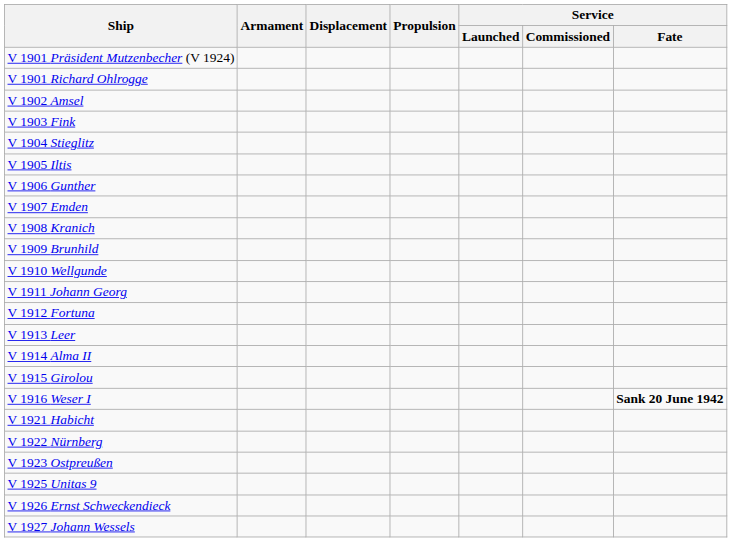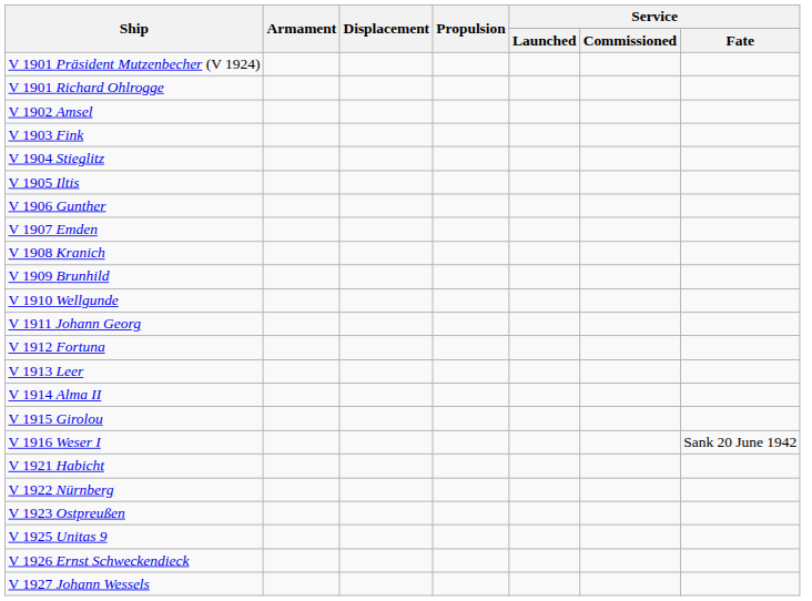 <table class="wikitable">
 <tr>
 <th rowspan="2">Ship</th>
 <th rowspan="2">Armament</th>
 <th rowspan="2">Displacement</th>
 <th rowspan="2">Propulsion</th>
 <th colspan="3">Service</th>
 </tr>
 <tr>
 <th>Launched</th>
 <th>Commissioned</th>
 <th>Fate</th>
 </tr>
 <tr>
 <td><a href='#'>V 1901 <em>Präsident Mutzenbecher</em></a> (V 1924)</td>
 <td></td>
 <td></td>
 <td></td>
 <td></td>
 <td></td>
 <td></td>
 </tr>
 <tr>
 <td><a href='#'>V 1901 <em>Richard Ohlrogge</em></a></td>
 <td></td>
 <td></td>
 <td></td>
 <td></td>
 <td></td>
 <td></td>
 </tr>
 <tr>
 <td><a href='#'>V 1902 <em>Amsel</em></a></td>
 <td></td>
 <td></td>
 <td></td>
 <td></td>
 <td></td>
 <td></td>
 </tr>
 <tr>
 <td><a href='#'>V 1903 <em>Fink</em></a></td>
 <td></td>
 <td></td>
 <td></td>
 <td></td>
 <td></td>
 <td></td>
 </tr>
 <tr>
 <td><a href='#'>V 1904 <em>Stieglitz</em></a></td>
 <td></td>
 <td></td>
 <td></td>
 <td></td>
 <td></td>
 <td></td>
 </tr>
 <tr>
 <td><a href='#'>V 1905 <em>Iltis</em></a></td>
 <td></td>
 <td></td>
 <td></td>
 <td></td>
 <td></td>
 <td></td>
 </tr>
 <tr>
 <td><a href='#'>V 1906 <em>Gunther</em></a></td>
 <td></td>
 <td></td>
 <td></td>
 <td></td>
 <td></td>
 <td></td>
 </tr>
 <tr>
 <td><a href='#'>V 1907 <em>Emden</em></a></td>
 <td></td>
 <td></td>
 <td></td>
 <td></td>
 <td></td>
 <td></td>
 </tr>
 <tr>
 <td><a href='#'>V 1908 <em>Kranich</em></a></td>
 <td></td>
 <td></td>
 <td></td>
 <td></td>
 <td></td>
 <td></td>
 </tr>
 <tr>
 <td><a href='#'>V 1909 <em>Brunhild</em></a></td>
 <td></td>
 <td></td>
 <td></td>
 <td></td>
 <td></td>
 <td></td>
 </tr>
 <tr>
 <td><a href='#'>V 1910 <em>Wellgunde</em></a></td>
 <td></td>
 <td></td>
 <td></td>
 <td></td>
 <td></td>
 <td></td>
 </tr>
 <tr>
 <td><a href='#'>V 1911 <em>Johann Georg</em></a></td>
 <td></td>
 <td></td>
 <td></td>
 <td></td>
 <td></td>
 <td></td>
 </tr>
 <tr>
 <td><a href='#'>V 1912 <em>Fortuna</em></a></td>
 <td></td>
 <td></td>
 <td></td>
 <td></td>
 <td></td>
 <td></td>
 </tr>
 <tr>
 <td><a href='#'>V 1913 <em>Leer</em></a></td>
 <td></td>
 <td></td>
 <td></td>
 <td></td>
 <td></td>
 <td></td>
 </tr>
 <tr>
 <td><a href='#'>V 1914 <em>Alma II</em></a></td>
 <td></td>
 <td></td>
 <td></td>
 <td></td>
 <td></td>
 <td></td>
 </tr>
 <tr>
 <td><a href='#'>V 1915 <em>Girolou</em></a></td>
 <td></td>
 <td></td>
 <td></td>
 <td></td>
 <td></td>
 <td></td>
 </tr>
 <tr>
 <td><a href='#'>V 1916 <em>Weser I</em></a></td>
 <td></td>
 <td></td>
 <td></td>
 <td></td>
 <td></td>
-<td><strong>Sank 20 June 1942</strong></td>
+<td>Sank 20 June 1942</td>
 </tr>
 <tr>
 <td><a href='#'>V 1921 <em>Habicht</em></a></td>
 <td></td>
 <td></td>
 <td></td>
 <td></td>
 <td></td>
 <td></td>
 </tr>
 <tr>
 <td><a href='#'>V 1922 <em>Nürnberg</em></a></td>
 <td></td>
 <td></td>
 <td></td>
 <td></td>
 <td></td>
 <td></td>
 </tr>
 <tr>
 <td><a href='#'>V 1923 <em>Ostpreußen</em></a></td>
 <td></td>
 <td></td>
 <td></td>
 <td></td>
 <td></td>
 <td></td>
 </tr>
 <tr>
 <td><a href='#'>V 1925 <em>Unitas 9</em></a></td>
 <td></td>
 <td></td>
 <td></td>
 <td></td>
 <td></td>
 <td></td>
 </tr>
 <tr>
 <td><a href='#'>V 1926 <em>Ernst Schweckendieck</em></a></td>
 <td></td>
 <td></td>
 <td></td>
 <td></td>
 <td></td>
 <td></td>
 </tr>
 <tr>
 <td><a href='#'>V 1927 <em>Johann Wessels</em></a></td>
 <td></td>
 <td></td>
 <td></td>
 <td></td>
 <td></td>
 <td></td>
 </tr>
 </table>
